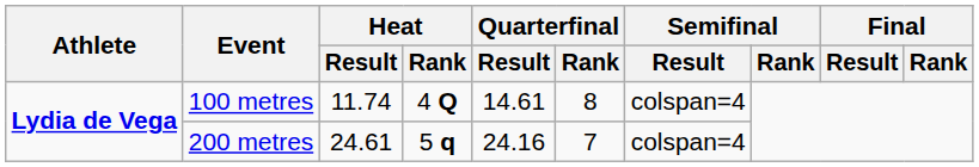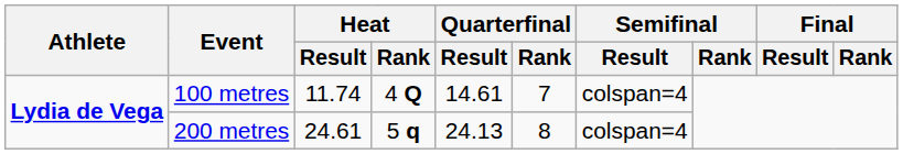 <table class=wikitable style=font-size:90%>
 <tr>
 <th rowspan=2>Athlete</th>
 <th rowspan=2>Event</th>
 <th colspan=2>Heat</th>
 <th colspan=2>Quarterfinal</th>
 <th colspan=2>Semifinal</th>
 <th colspan=2>Final</th>
 </tr>
 <tr style=font-size:95%>
 <th>Result</th>
 <th>Rank</th>
 <th>Result</th>
 <th>Rank</th>
 <th>Result</th>
 <th>Rank</th>
 <th>Result</th>
 <th>Rank</th>
 </tr>
 <tr align=center>
 <td align=left rowspan=2><strong><a href='#'>Lydia de Vega</a></strong></td>
 <td align=left><a href='#'>100 metres</a></td>
 <td>11.74</td>
 <td>4 <strong>Q</strong></td>
 <td>14.61</td>
-<td>8</td>
+<td>7</td>
 <td>colspan=4 </td>
 </tr>
 <tr align=center>
 <td align=left><a href='#'>200 metres</a></td>
 <td>24.61</td>
 <td>5 <strong>q</strong></td>
-<td>24.16</td>
-<td>7</td>
+<td>24.13</td>
+<td>8</td>
 <td>colspan=4 </td>
 </tr>
 </table>
